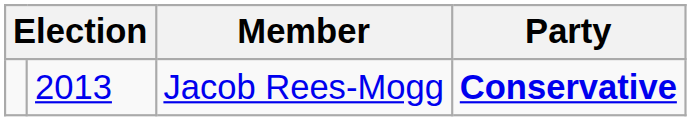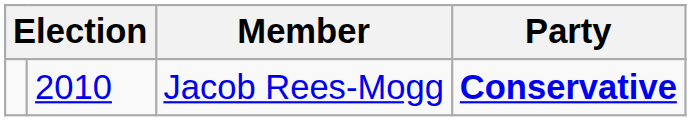 <table class="wikitable">
 <tr>
 <th colspan="2">Election</th>
 <th>Member</th>
 <th>Party</th>
 </tr>
 <tr>
 <td style="color:inherit;background-color: "></td>
-<td><a href='#'>2013</a></td>
+<td><a href='#'>2010</a></td>
 <td><a href='#'>Jacob Rees-Mogg</a></td>
 <td><strong><a href='#'>Conservative</a></strong></td>
 </tr>
 </table>
